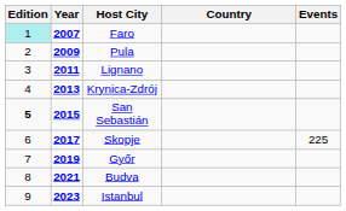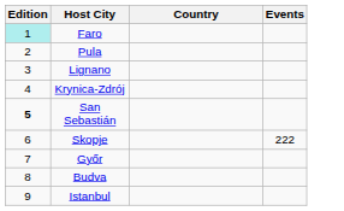 <table class="wikitable" style="text-align:center">
 <tr>
 <th width=30>Edition</th>
-<th width=30>Year</th>
 <th width=100>Host City</th>
 <th width=175>Country</th>
 <th width=30>Events</th>
 </tr>
 <tr>
 <td style="background: paleturquoise;">1</td>
-<td><strong><a href='#'>2007</a></strong></td>
 <td><a href='#'>Faro</a></td>
 <td align="left"></td>
 <td></td>
 </tr>
 <tr>
 <td>2</td>
-<td><strong><a href='#'>2009</a></strong></td>
 <td><a href='#'>Pula</a></td>
 <td align="left"></td>
 <td></td>
 </tr>
 <tr>
 <td>3</td>
-<td><strong><a href='#'>2011</a></strong></td>
 <td><a href='#'>Lignano</a></td>
 <td align="left"></td>
 <td></td>
 </tr>
 <tr>
 <td>4</td>
-<td><strong><a href='#'>2013</a></strong></td>
 <td><a href='#'>Krynica-Zdrój</a></td>
 <td align="left"></td>
 <td></td>
 </tr>
 <tr>
 <td><strong>5</strong></td>
-<td><strong><a href='#'>2015</a></strong></td>
 <td><a href='#'>San Sebastián</a></td>
 <td align="left"></td>
 <td></td>
 </tr>
 <tr>
 <td>6</td>
-<td><strong><a href='#'>2017</a></strong></td>
 <td><a href='#'>Skopje</a></td>
 <td align="left"></td>
-<td>225</td>
+<td>222</td>
 </tr>
 <tr>
 <td>7</td>
-<td><strong><a href='#'>2019</a></strong></td>
 <td><a href='#'>Győr</a></td>
 <td align="left"></td>
 <td></td>
 </tr>
 <tr>
 <td>8</td>
-<td><strong><a href='#'>2021</a></strong></td>
 <td><a href='#'>Budva</a></td>
 <td align="left"></td>
 <td></td>
 </tr>
 <tr>
 <td>9</td>
-<td><strong><a href='#'>2023</a></strong></td>
 <td><a href='#'>Istanbul</a></td>
 <td align="left"></td>
 <td></td>
 </tr>
 </table>
